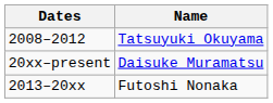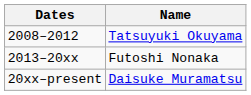 <table class="wikitable">
 <tr>
 <th>Dates</th>
 <th>Name</th>
 </tr>
 <tr>
 <td>2008–2012</td>
 <td> <a href='#'>Tatsuyuki Okuyama</a></td>
 </tr>
 <tr>
+<td>2013–20xx</td>
+<td>  Futoshi Nonaka</td>
+</tr>
+<tr>
 <td>20xx–present</td>
 <td> <a href='#'>Daisuke Muramatsu</a></td>
 </tr>
-<tr>
-<td>2013–20xx</td>
-<td>  Futoshi Nonaka</td>
-</tr>
 </table>
